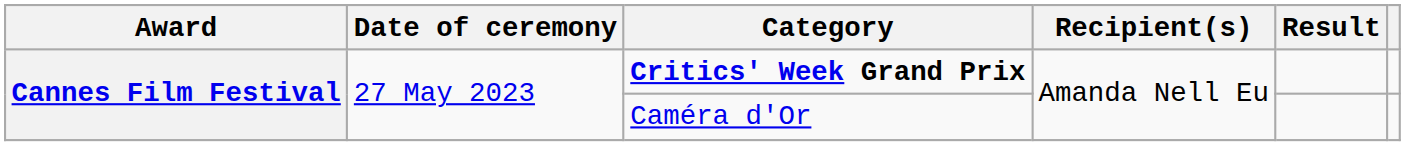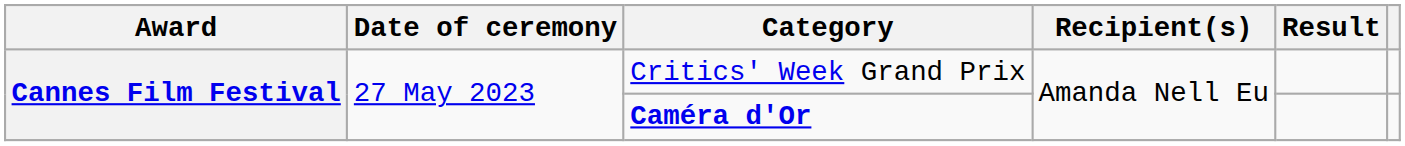 <table class="wikitable sortable plainrowheaders">
 <tr>
 <th scope="col">Award</th>
 <th scope="col">Date of ceremony</th>
 <th scope="col">Category</th>
 <th scope="col">Recipient(s)</th>
 <th scope="col">Result</th>
 <th scope="col" class="unsortable"></th>
 </tr>
 <tr>
 <th scope="row" rowspan="2"><a href='#'>Cannes Film Festival</a></th>
 <td rowspan="2"><a href='#'>27 May 2023</a></td>
-<td><strong><a href='#'>Critics' Week</a> Grand Prix</strong></td>
+<td><a href='#'>Critics' Week</a> Grand Prix</td>
 <td rowspan="2">Amanda Nell Eu</td>
 <td></td>
 <td align="center"></td>
 </tr>
 <tr>
-<td><a href='#'>Caméra d'Or</a></td>
+<td><strong><a href='#'>Caméra d'Or</a></strong></td>
 <td></td>
 <td></td>
 </tr>
 </table>
